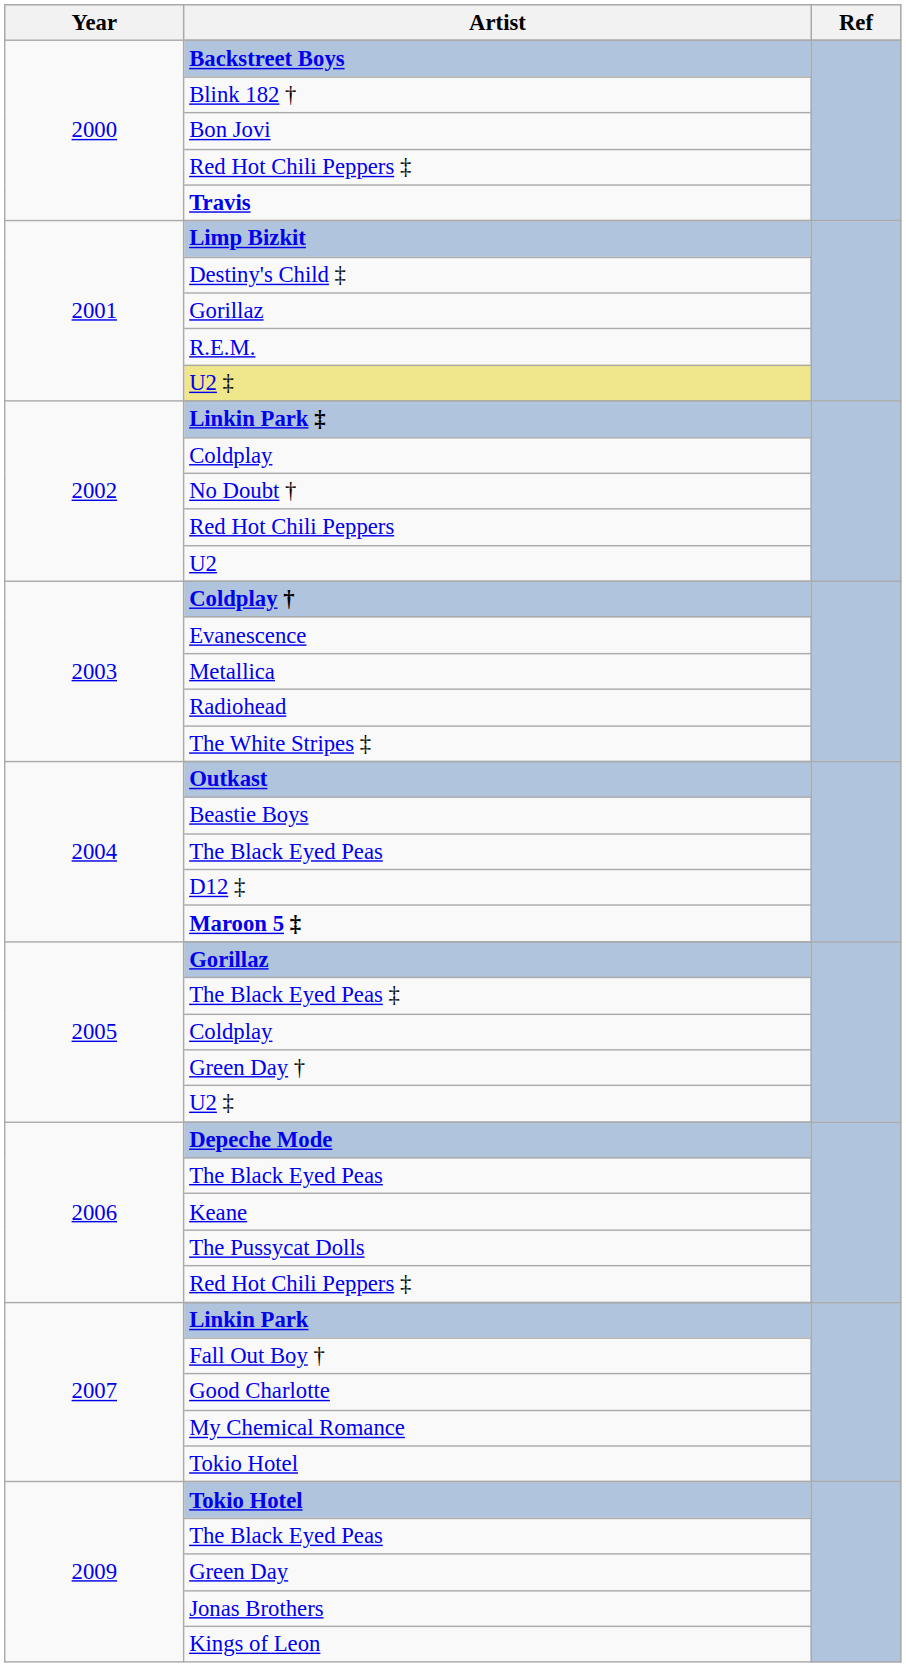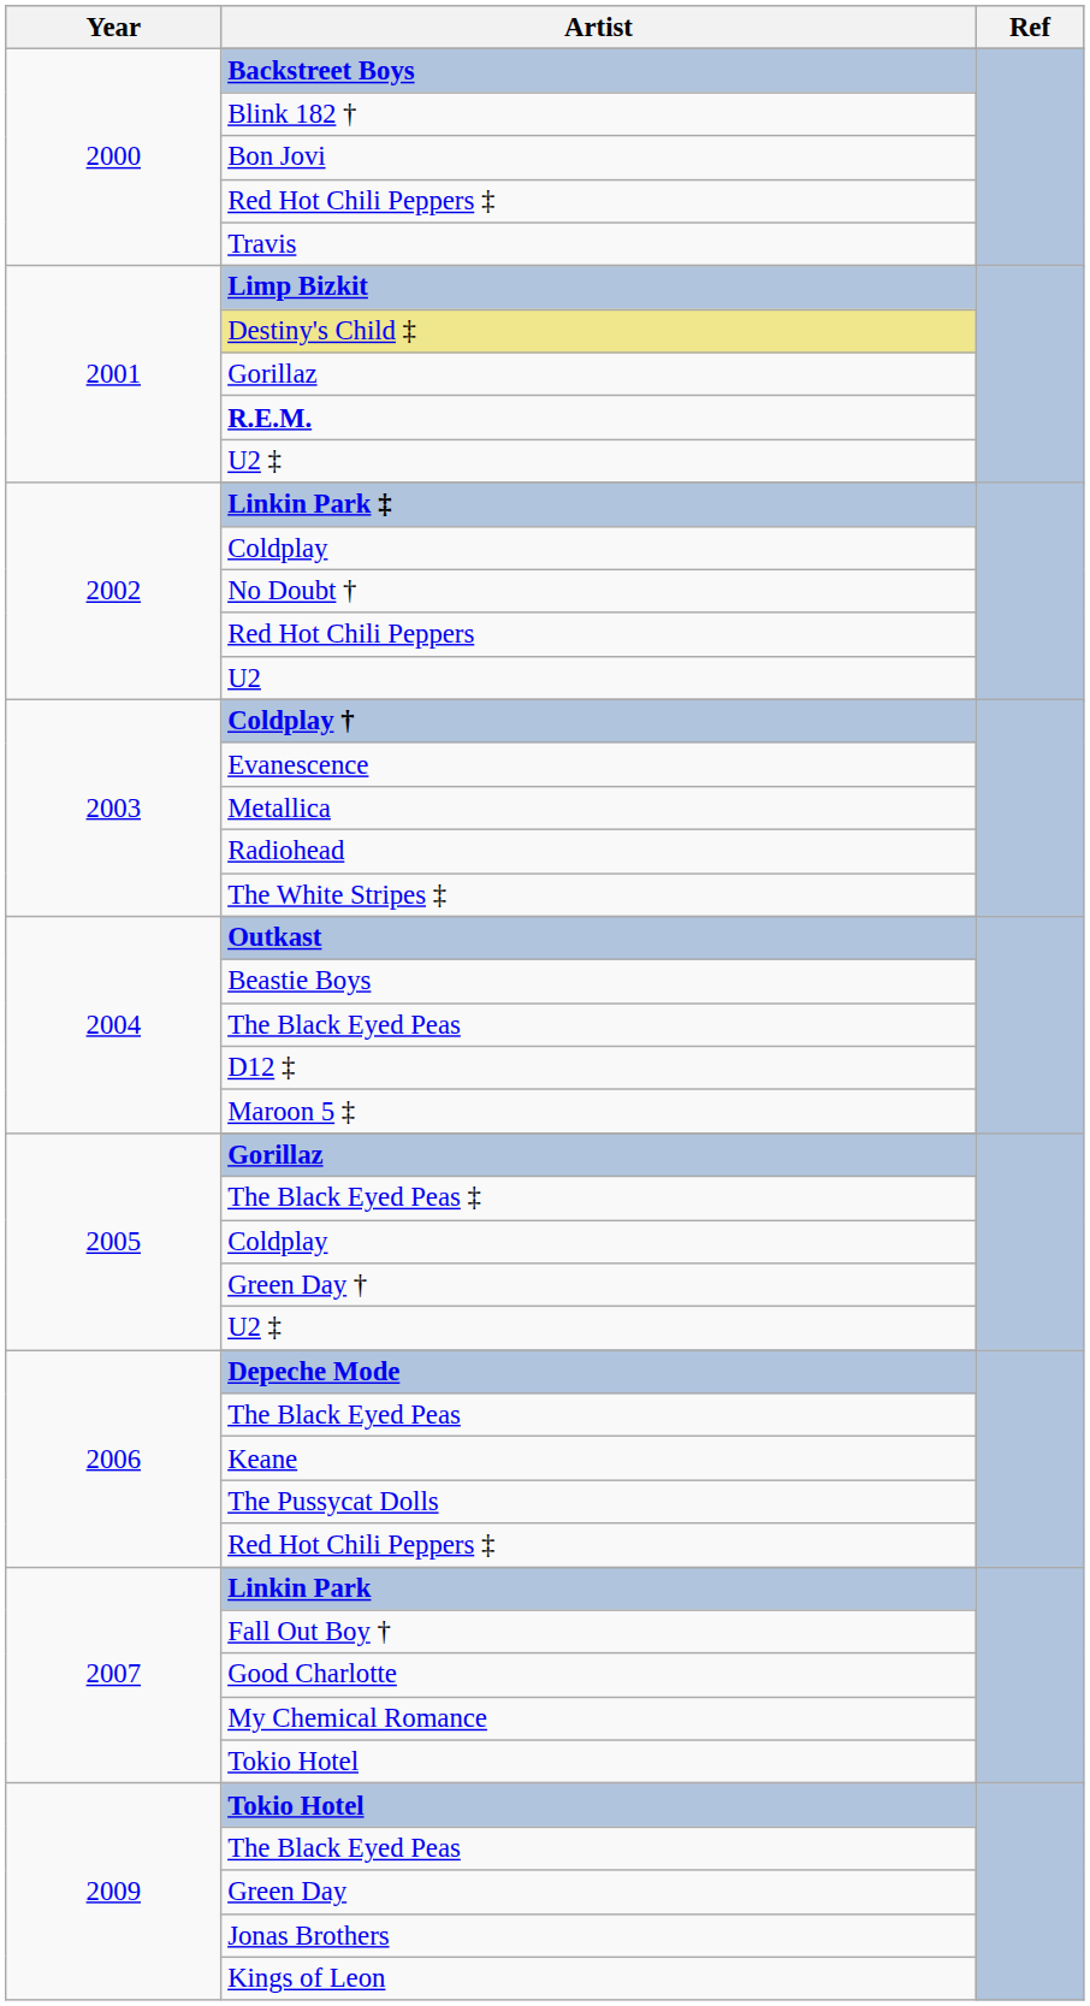 <table class="wikitable" style="width:50%;">
 <tr style="background:#bebebe;">
 <th style="width:10%;">Year</th>
 <th style="width:35%;">Artist</th>
 <th style="width:5%;">Ref</th>
 </tr>
 <tr>
 <td rowspan="6" align="center"><a href='#'>2000</a></td>
 </tr>
 <tr style="background:#B0C4DE">
 <td><strong><a href='#'>Backstreet Boys</a></strong></td>
 <td rowspan="6" align="center"></td>
 </tr>
 <tr>
 <td><a href='#'>Blink 182</a> †</td>
 </tr>
 <tr>
 <td><a href='#'>Bon Jovi</a></td>
 </tr>
 <tr>
 <td><a href='#'>Red Hot Chili Peppers</a> ‡</td>
 </tr>
 <tr>
-<td><strong><a href='#'>Travis</a></strong></td>
+<td><a href='#'>Travis</a></td>
 </tr>
 <tr>
 <td rowspan="6" align="center"><a href='#'>2001</a></td>
 </tr>
 <tr style="background:#B0C4DE">
 <td><strong><a href='#'>Limp Bizkit</a></strong></td>
 <td rowspan="6" align="center"></td>
 </tr>
 <tr>
-<td><a href='#'>Destiny's Child</a> ‡</td>
+<td style="background: khaki;"><a href='#'>Destiny's Child</a> ‡</td>
 </tr>
 <tr>
 <td><a href='#'>Gorillaz</a></td>
 </tr>
 <tr>
-<td><a href='#'>R.E.M.</a></td>
+<td><strong><a href='#'>R.E.M.</a></strong></td>
 </tr>
 <tr>
-<td style="background: khaki;"><a href='#'>U2</a> ‡</td>
+<td><a href='#'>U2</a> ‡</td>
 </tr>
 <tr>
 <td rowspan="6" align="center"><a href='#'>2002</a></td>
 </tr>
 <tr style="background:#B0C4DE">
 <td><strong><a href='#'>Linkin Park</a> ‡</strong></td>
 <td rowspan="6" align="center"></td>
 </tr>
 <tr>
 <td><a href='#'>Coldplay</a></td>
 </tr>
 <tr>
 <td><a href='#'>No Doubt</a> †</td>
 </tr>
 <tr>
 <td><a href='#'>Red Hot Chili Peppers</a></td>
 </tr>
 <tr>
 <td><a href='#'>U2</a></td>
 </tr>
 <tr>
 <td rowspan="6" align="center"><a href='#'>2003</a></td>
 </tr>
 <tr style="background:#B0C4DE">
 <td><strong><a href='#'>Coldplay</a> †</strong></td>
 <td rowspan="6" align="center"></td>
 </tr>
 <tr>
 <td><a href='#'>Evanescence</a></td>
 </tr>
 <tr>
 <td><a href='#'>Metallica</a></td>
 </tr>
 <tr>
 <td><a href='#'>Radiohead</a></td>
 </tr>
 <tr>
 <td><a href='#'>The White Stripes</a> ‡</td>
 </tr>
 <tr>
 <td rowspan="6" align="center"><a href='#'>2004</a></td>
 </tr>
 <tr style="background:#B0C4DE">
 <td><strong><a href='#'>Outkast</a></strong></td>
 <td rowspan="6" align="center"></td>
 </tr>
 <tr>
 <td><a href='#'>Beastie Boys</a></td>
 </tr>
 <tr>
 <td><a href='#'>The Black Eyed Peas</a></td>
 </tr>
 <tr>
 <td><a href='#'>D12</a> ‡</td>
 </tr>
 <tr>
-<td><strong><a href='#'>Maroon 5</a> ‡</strong></td>
+<td><a href='#'>Maroon 5</a> ‡</td>
 </tr>
 <tr>
 <td rowspan="6" align="center"><a href='#'>2005</a></td>
 </tr>
 <tr style="background:#B0C4DE">
 <td><strong><a href='#'>Gorillaz</a></strong></td>
 <td rowspan="6" align="center"></td>
 </tr>
 <tr>
 <td><a href='#'>The Black Eyed Peas</a> ‡</td>
 </tr>
 <tr>
 <td><a href='#'>Coldplay</a></td>
 </tr>
 <tr>
 <td><a href='#'>Green Day</a> †</td>
 </tr>
 <tr>
 <td><a href='#'>U2</a> ‡</td>
 </tr>
 <tr>
 <td rowspan="6" align="center"><a href='#'>2006</a></td>
 </tr>
 <tr style="background:#B0C4DE">
 <td><strong><a href='#'>Depeche Mode</a></strong></td>
 <td rowspan="6" align="center"></td>
 </tr>
 <tr>
 <td><a href='#'>The Black Eyed Peas</a></td>
 </tr>
 <tr>
 <td><a href='#'>Keane</a></td>
 </tr>
 <tr>
 <td><a href='#'>The Pussycat Dolls</a></td>
 </tr>
 <tr>
 <td><a href='#'>Red Hot Chili Peppers</a> ‡</td>
 </tr>
 <tr>
 <td rowspan="6" align="center"><a href='#'>2007</a></td>
 </tr>
 <tr style="background:#B0C4DE">
 <td><strong><a href='#'>Linkin Park</a></strong></td>
 <td rowspan="6" align="center"></td>
 </tr>
 <tr>
 <td><a href='#'>Fall Out Boy</a> †</td>
 </tr>
 <tr>
 <td><a href='#'>Good Charlotte</a></td>
 </tr>
 <tr>
 <td><a href='#'>My Chemical Romance</a></td>
 </tr>
 <tr>
 <td><a href='#'>Tokio Hotel</a></td>
 </tr>
 <tr>
 <td rowspan="6" align="center"><a href='#'>2009</a></td>
 </tr>
 <tr style="background:#B0C4DE">
 <td><strong><a href='#'>Tokio Hotel</a></strong></td>
 <td rowspan="6" align="center"></td>
 </tr>
 <tr>
 <td><a href='#'>The Black Eyed Peas</a></td>
 </tr>
 <tr>
 <td><a href='#'>Green Day</a></td>
 </tr>
 <tr>
 <td><a href='#'>Jonas Brothers</a></td>
 </tr>
 <tr>
 <td><a href='#'>Kings of Leon</a></td>
 </tr>
 </table>
